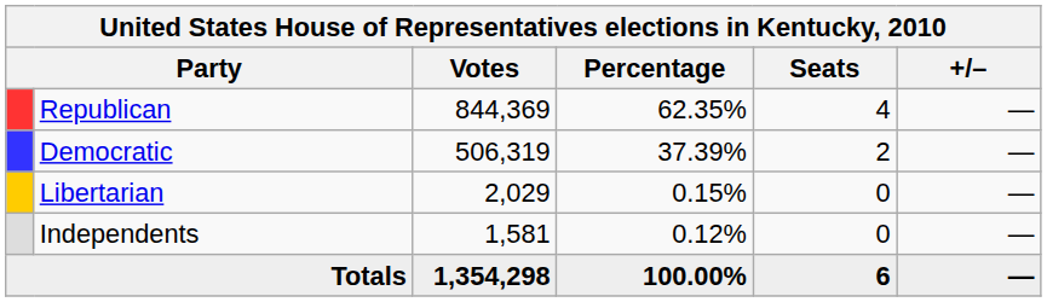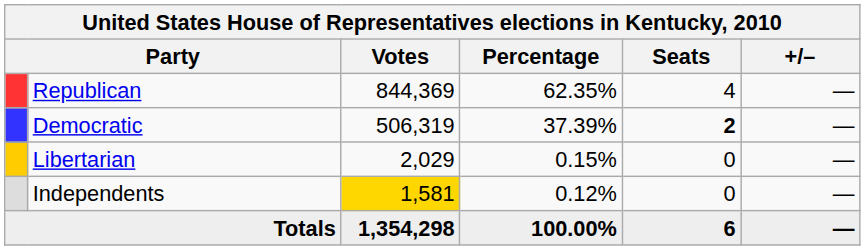 <table class="wikitable" style="font-size: 95%;">
 <tr>
 <th colspan="6">United States House of Representatives elections in Kentucky, 2010</th>
 </tr>
 <tr>
 <th colspan=2 style="width: 15em">Party</th>
 <th style="width: 5em">Votes</th>
 <th style="width: 7em">Percentage</th>
 <th style="width: 5em">Seats</th>
 <th style="width: 5em">+/–</th>
 </tr>
 <tr>
 <th style="background:#f33; width:3px;"></th>
 <td style="width: 130px"><a href='#'>Republican</a></td>
 <td style="text-align:right;">844,369</td>
 <td style="text-align:right;">62.35%</td>
 <td style="text-align:right;">4</td>
 <td style="text-align:right;">—</td>
 </tr>
 <tr>
 <th style="background:#33f; width:3px;"></th>
 <td style="width: 130px"><a href='#'>Democratic</a></td>
 <td style="text-align:right;">506,319</td>
 <td style="text-align:right;">37.39%</td>
-<td style="text-align:right;">2</td>
+<td style="text-align:right;"><strong>2</strong></td>
 <td style="text-align:right;">—</td>
 </tr>
 <tr>
 <th style="background:#fc0; width:3px;"></th>
 <td style="width: 130px"><a href='#'>Libertarian</a></td>
 <td style="text-align:right;">2,029</td>
 <td style="text-align:right;">0.15%</td>
 <td style="text-align:right;">0</td>
 <td style="text-align:right;">—</td>
 </tr>
 <tr>
 <th style="background:#ddd; width:3px;"></th>
 <td style="width: 130px">Independents</td>
-<td style="text-align:right;">1,581</td>
+<td style="background: gold; text-align:right;">1,581</td>
 <td style="text-align:right;">0.12%</td>
 <td style="text-align:right;">0</td>
 <td style="text-align:right;">—</td>
 </tr>
 <tr style="background:#eee; text-align:right;">
 <td colspan="2"><strong>Totals</strong></td>
 <td><strong>1,354,298</strong></td>
 <td><strong>100.00%</strong></td>
 <td><strong>6</strong></td>
 <td><strong>—</strong></td>
 </tr>
 </table>
